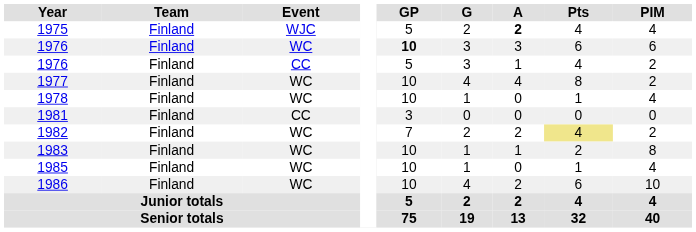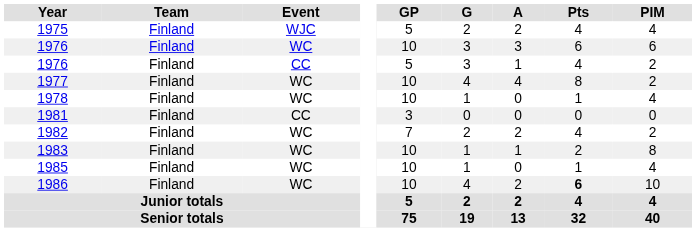 <table border="0" cellpadding="1" cellspacing="0" style="text-align:center; width:50em">
 <tr ALIGN="center" bgcolor="#e0e0e0">
 <th>Year</th>
 <th>Team</th>
 <th>Event</th>
 <th rowspan="99" bgcolor="#ffffff"> </th>
 <th>GP</th>
 <th>G</th>
 <th>A</th>
 <th>Pts</th>
 <th>PIM</th>
 </tr>
 <tr>
 <td><a href='#'>1975</a></td>
 <td><a href='#'>Finland</a></td>
 <td><a href='#'>WJC</a></td>
 <td>5</td>
 <td>2</td>
-<td><strong>2</strong></td>
+<td>2</td>
 <td>4</td>
 <td>4</td>
 </tr>
 <tr bgcolor="#f0f0f0">
 <td><a href='#'>1976</a></td>
 <td><a href='#'>Finland</a></td>
 <td><a href='#'>WC</a></td>
-<td><strong>10</strong></td>
+<td>10</td>
 <td>3</td>
 <td>3</td>
 <td>6</td>
 <td>6</td>
 </tr>
 <tr>
 <td><a href='#'>1976</a></td>
 <td>Finland</td>
 <td><a href='#'>CC</a></td>
 <td>5</td>
 <td>3</td>
 <td>1</td>
 <td>4</td>
 <td>2</td>
 </tr>
 <tr bgcolor="#f0f0f0">
 <td><a href='#'>1977</a></td>
 <td>Finland</td>
 <td>WC</td>
 <td>10</td>
 <td>4</td>
 <td>4</td>
 <td>8</td>
 <td>2</td>
 </tr>
 <tr>
 <td><a href='#'>1978</a></td>
 <td>Finland</td>
 <td>WC</td>
 <td>10</td>
 <td>1</td>
 <td>0</td>
 <td>1</td>
 <td>4</td>
 </tr>
 <tr bgcolor="#f0f0f0">
 <td><a href='#'>1981</a></td>
 <td>Finland</td>
 <td>CC</td>
 <td>3</td>
 <td>0</td>
 <td>0</td>
 <td>0</td>
 <td>0</td>
 </tr>
 <tr>
 <td><a href='#'>1982</a></td>
 <td>Finland</td>
 <td>WC</td>
 <td>7</td>
 <td>2</td>
 <td>2</td>
-<td style="background: khaki;">4</td>
+<td>4</td>
 <td>2</td>
 </tr>
 <tr bgcolor="#f0f0f0">
 <td><a href='#'>1983</a></td>
 <td>Finland</td>
 <td>WC</td>
 <td>10</td>
 <td>1</td>
 <td>1</td>
 <td>2</td>
 <td>8</td>
 </tr>
 <tr>
 <td><a href='#'>1985</a></td>
 <td>Finland</td>
 <td>WC</td>
 <td>10</td>
 <td>1</td>
 <td>0</td>
 <td>1</td>
 <td>4</td>
 </tr>
 <tr bgcolor="#f0f0f0">
 <td><a href='#'>1986</a></td>
 <td>Finland</td>
 <td>WC</td>
 <td>10</td>
 <td>4</td>
 <td>2</td>
-<td>6</td>
+<td><strong>6</strong></td>
 <td>10</td>
 </tr>
 <tr bgcolor="#e0e0e0">
 <th colspan=3>Junior totals</th>
 <th>5</th>
 <th>2</th>
 <th>2</th>
 <th>4</th>
 <th>4</th>
 </tr>
 <tr bgcolor="#e0e0e0">
 <th colspan=3>Senior totals</th>
 <th>75</th>
 <th>19</th>
 <th>13</th>
 <th>32</th>
 <th>40</th>
 </tr>
 </table>
